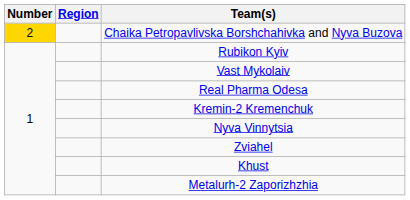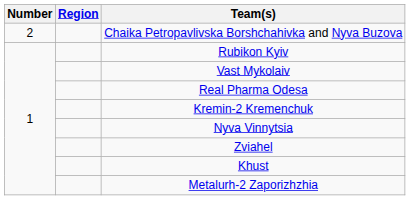 <table class="wikitable" style="text-align:center">
 <tr>
 <th>Number</th>
 <th><a href='#'>Region</a></th>
 <th>Team(s)</th>
 </tr>
 <tr>
-<td rowspan="1" style="background: gold;">2</td>
+<td rowspan="1">2</td>
 <td align="left"></td>
 <td><a href='#'>Chaika Petropavlivska Borshchahivka</a> and <a href='#'>Nyva Buzova</a></td>
 </tr>
 <tr>
 <td rowspan="8">1</td>
 <td align="left"></td>
 <td><a href='#'>Rubikon Kyiv</a></td>
 </tr>
 <tr>
 <td align="left"></td>
 <td><a href='#'>Vast Mykolaiv</a></td>
 </tr>
 <tr>
 <td align="left"></td>
 <td><a href='#'>Real Pharma Odesa</a></td>
 </tr>
 <tr>
 <td align="left"></td>
 <td><a href='#'>Kremin-2 Kremenchuk</a></td>
 </tr>
 <tr>
 <td align="left"></td>
 <td><a href='#'>Nyva Vinnytsia</a></td>
 </tr>
 <tr>
 <td align="left"></td>
 <td><a href='#'>Zviahel</a></td>
 </tr>
 <tr>
 <td align="left"></td>
 <td><a href='#'>Khust</a></td>
 </tr>
 <tr>
 <td align="left"></td>
 <td><a href='#'>Metalurh-2 Zaporizhzhia</a></td>
 </tr>
 </table>
